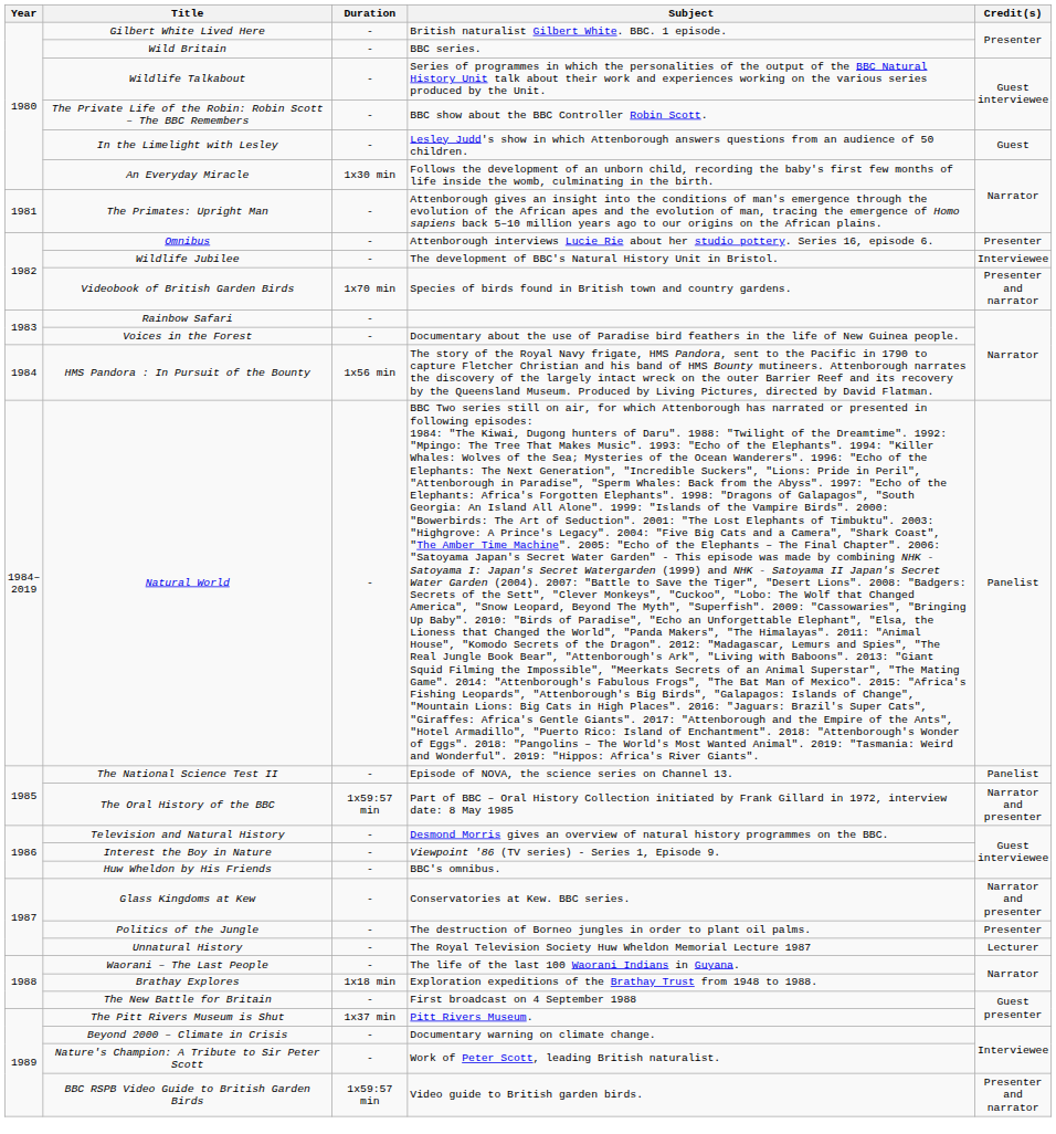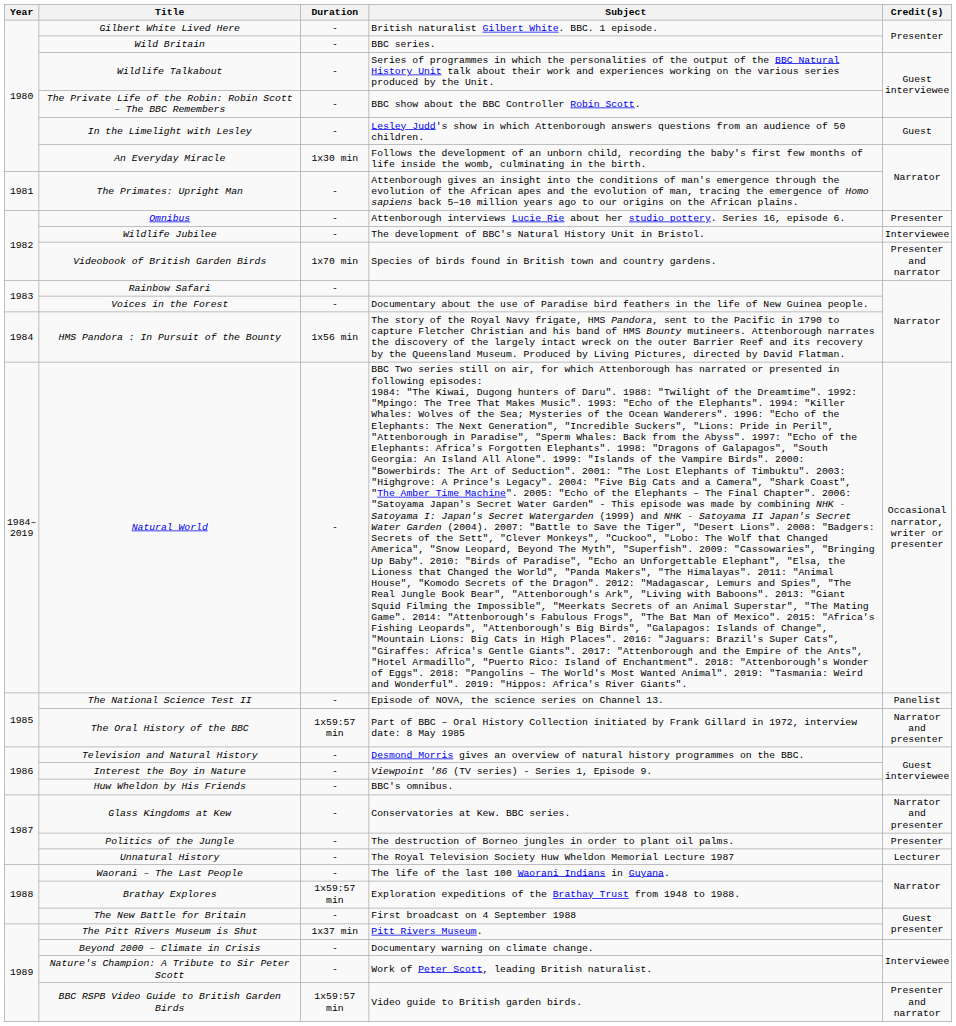 <table class="wikitable" style="text-align:center" width="100%">
 <tr>
 <th width="40">Year</th>
 <th width="400">Title</th>
 <th width="90">Duration</th>
 <th width="800">Subject</th>
 <th>Credit(s)</th>
 </tr>
 <tr>
 <td rowspan="6">1980</td>
 <td><em>Gilbert White Lived Here</em></td>
 <td>-</td>
 <td align="left">British naturalist <a href='#'>Gilbert White</a>. BBC. 1 episode.</td>
 <td rowspan="2">Presenter</td>
 </tr>
 <tr>
 <td><em>Wild Britain</em></td>
 <td>-</td>
 <td align="left">BBC series.</td>
 </tr>
 <tr>
 <td><em>Wildlife Talkabout</em></td>
 <td>-</td>
 <td align="left">Series of programmes in which the personalities of the output of the <a href='#'>BBC Natural History Unit</a> talk about their work and experiences working on the various series produced by the Unit.</td>
 <td rowspan="2">Guest interviewee</td>
 </tr>
 <tr>
 <td><em>The Private Life of the Robin: Robin Scott – The BBC Remembers</em></td>
 <td>-</td>
 <td align="left">BBC show about the BBC Controller <a href='#'>Robin Scott</a>.</td>
 </tr>
 <tr>
 <td><em>In the Limelight with Lesley</em></td>
 <td>-</td>
 <td align="left"><a href='#'>Lesley Judd</a>'s show in which Attenborough answers questions from an audience of 50 children.</td>
 <td>Guest</td>
 </tr>
 <tr>
 <td><em>An Everyday Miracle</em></td>
 <td>1x30 min</td>
 <td align="left">Follows the development of an unborn child, recording the baby's first few months of life inside the womb, culminating in the birth.</td>
 <td rowspan="2">Narrator</td>
 </tr>
 <tr>
 <td>1981</td>
 <td><em>The Primates: Upright Man</em></td>
 <td>-</td>
 <td align="left">Attenborough gives an insight into the conditions of man's emergence through the evolution of the African apes and the evolution of man, tracing the emergence of <em>Homo sapiens</em> back 5–10 million years ago to our origins on the African plains.</td>
 </tr>
 <tr>
 <td rowspan="3">1982</td>
 <td><em><a href='#'>Omnibus</a></em></td>
 <td>-</td>
 <td align="left">Attenborough interviews <a href='#'>Lucie Rie</a> about her <a href='#'>studio pottery</a>. Series 16, episode 6.</td>
 <td>Presenter</td>
 </tr>
 <tr>
 <td><em>Wildlife Jubilee</em></td>
 <td>-</td>
 <td align="left">The development of BBC's Natural History Unit in Bristol.</td>
 <td>Interviewee</td>
 </tr>
 <tr>
 <td><em>Videobook of British Garden Birds</em></td>
 <td>1x70 min</td>
 <td align="left">Species of birds found in British town and country gardens.</td>
 <td>Presenter and narrator</td>
 </tr>
 <tr>
 <td rowspan="2">1983</td>
 <td><em>Rainbow Safari</em></td>
 <td>-</td>
 <td align="left"></td>
 <td rowspan="3">Narrator</td>
 </tr>
 <tr>
 <td><em>Voices in the Forest</em></td>
 <td>-</td>
 <td align="left">Documentary about the use of Paradise bird feathers in the life of New Guinea people.</td>
 </tr>
 <tr>
 <td>1984</td>
 <td><em>HMS Pandora : In Pursuit of the Bounty</em></td>
 <td>1x56 min</td>
 <td align="left">The story of the Royal Navy frigate, HMS <em>Pandora</em>, sent to the Pacific in 1790 to capture Fletcher Christian and his band of HMS <em>Bounty</em> mutineers. Attenborough narrates the discovery of the largely intact wreck on the outer Barrier Reef and its recovery by the Queensland Museum. Produced by Living Pictures, directed by David Flatman.</td>
 </tr>
 <tr>
 <td>1984–2019</td>
 <td><em><a href='#'>Natural World</a></em></td>
 <td>-</td>
 <td align="left">BBC Two series still on air, for which Attenborough has narrated or presented in following episodes:<br>1984: "The Kiwai, Dugong hunters of Daru". 1988: "Twilight of the Dreamtime". 1992: "Mpingo: The Tree That Makes Music". 1993: "Echo of the Elephants". 1994: "Killer Whales: Wolves of the Sea; Mysteries of the Ocean Wanderers". 1996: "Echo of the Elephants: The Next Generation", "Incredible Suckers", "Lions: Pride in Peril", "Attenborough in Paradise", "Sperm Whales: Back from the Abyss". 1997: "Echo of the Elephants: Africa's Forgotten Elephants". 1998: "Dragons of Galapagos", "South Georgia: An Island All Alone". 1999: "Islands of the Vampire Birds". 2000: "Bowerbirds: The Art of Seduction". 2001: "The Lost Elephants of Timbuktu". 2003: "Highgrove: A Prince's Legacy". 2004: "Five Big Cats and a Camera", "Shark Coast", "<a href='#'>The Amber Time Machine</a>". 2005: "Echo of the Elephants – The Final Chapter". 2006: "Satoyama Japan's Secret Water Garden" - This episode was made by combining <em>NHK - Satoyama I: Japan's Secret Watergarden</em> (1999) and <em>NHK - Satoyama II Japan's Secret Water Garden</em> (2004). 2007: "Battle to Save the Tiger", "Desert Lions". 2008: "Badgers: Secrets of the Sett", "Clever Monkeys", "Cuckoo", "Lobo: The Wolf that Changed America", "Snow Leopard, Beyond The Myth", "Superfish". 2009: "Cassowaries", "Bringing Up Baby". 2010: "Birds of Paradise", "Echo an Unforgettable Elephant", "Elsa, the Lioness that Changed the World", "Panda Makers", "The Himalayas". 2011: "Animal House", "Komodo Secrets of the Dragon". 2012: "Madagascar, Lemurs and Spies", "The Real Jungle Book Bear", "Attenborough's Ark", "Living with Baboons". 2013: "Giant Squid Filming the Impossible", "Meerkats Secrets of an Animal Superstar", "The Mating Game". 2014: "Attenborough's Fabulous Frogs", "The Bat Man of Mexico". 2015: "Africa's Fishing Leopards", "Attenborough's Big Birds", "Galapagos: Islands of Change", "Mountain Lions: Big Cats in High Places". 2016: "Jaguars: Brazil's Super Cats", "Giraffes: Africa's Gentle Giants". 2017: "Attenborough and the Empire of the Ants", "Hotel Armadillo", "Puerto Rico: Island of Enchantment". 2018: "Attenborough's Wonder of Eggs". 2018: "Pangolins – The World's Most Wanted Animal". 2019: "Tasmania: Weird and Wonderful". 2019: "Hippos: Africa's River Giants".</td>
-<td>Panelist</td>
+<td>Occasional narrator, writer or presenter</td>
 </tr>
 <tr>
 <td rowspan="2">1985</td>
 <td><em>The National Science Test II</em></td>
 <td>-</td>
 <td align="left">Episode of NOVA, the science series on Channel 13.</td>
 <td>Panelist</td>
 </tr>
 <tr>
 <td><em>The Oral History of the BBC</em></td>
 <td>1x59:57 min</td>
 <td align="left">Part of BBC – Oral History Collection initiated by Frank Gillard in 1972, interview date: 8 May 1985</td>
 <td>Narrator and presenter</td>
 </tr>
 <tr>
 <td rowspan="3">1986</td>
 <td><em>Television and Natural History</em></td>
 <td>-</td>
 <td align="left"><a href='#'>Desmond Morris</a> gives an overview of natural history programmes on the BBC.</td>
 <td rowspan="3">Guest interviewee</td>
 </tr>
 <tr>
 <td><em>Interest the Boy in Nature</em></td>
 <td>-</td>
 <td align="left"><em>Viewpoint '86</em> (TV series) - Series 1, Episode 9.</td>
 </tr>
 <tr>
 <td><em>Huw Wheldon by His Friends</em></td>
 <td>-</td>
 <td align="left">BBC's omnibus.</td>
 </tr>
 <tr>
 <td rowspan="3">1987</td>
 <td><em>Glass Kingdoms at Kew</em></td>
 <td>-</td>
 <td align="left">Conservatories at Kew. BBC series.</td>
 <td>Narrator and presenter</td>
 </tr>
 <tr>
 <td><em>Politics of the Jungle</em></td>
 <td>-</td>
 <td align="left">The destruction of Borneo jungles in order to plant oil palms.</td>
 <td>Presenter</td>
 </tr>
 <tr>
 <td><em>Unnatural History</em></td>
 <td>-</td>
 <td align="left">The Royal Television Society Huw Wheldon Memorial Lecture 1987</td>
 <td>Lecturer</td>
 </tr>
 <tr>
 <td rowspan="3">1988</td>
 <td><em>Waorani – The Last People</em></td>
 <td>-</td>
 <td align="left">The life of the last 100 <a href='#'>Waorani Indians</a> in <a href='#'>Guyana</a>.</td>
 <td rowspan="2">Narrator</td>
 </tr>
 <tr>
 <td><em>Brathay Explores</em></td>
-<td>1x18 min</td>
+<td>1x59:57 min</td>
 <td align="left">Exploration expeditions of the <a href='#'>Brathay Trust</a> from 1948 to 1988.</td>
 </tr>
 <tr>
 <td><em>The New Battle for Britain</em></td>
 <td>-</td>
 <td align="left">First broadcast on 4 September 1988</td>
 <td rowspan="2">Guest presenter</td>
 </tr>
 <tr>
 <td rowspan="4">1989</td>
 <td><em>The Pitt Rivers Museum is Shut</em></td>
 <td>1x37 min</td>
 <td align="left"><a href='#'>Pitt Rivers Museum</a>.</td>
 </tr>
 <tr>
 <td><em>Beyond 2000 – Climate in Crisis</em></td>
 <td>-</td>
 <td align="left">Documentary warning on climate change.</td>
 <td rowspan="2">Interviewee</td>
 </tr>
 <tr>
 <td><em>Nature's Champion: A Tribute to Sir Peter Scott</em></td>
 <td>-</td>
 <td align="left">Work of <a href='#'>Peter Scott</a>, leading British naturalist.</td>
 </tr>
 <tr>
 <td><em>BBC RSPB Video Guide to British Garden Birds</em></td>
 <td>1x59:57 min</td>
 <td align="left">Video guide to British garden birds.</td>
 <td>Presenter and narrator</td>
 </tr>
 </table>
